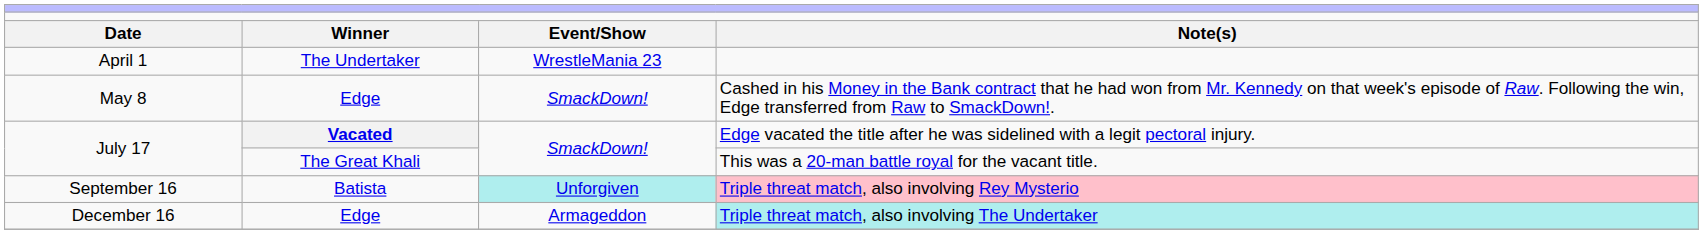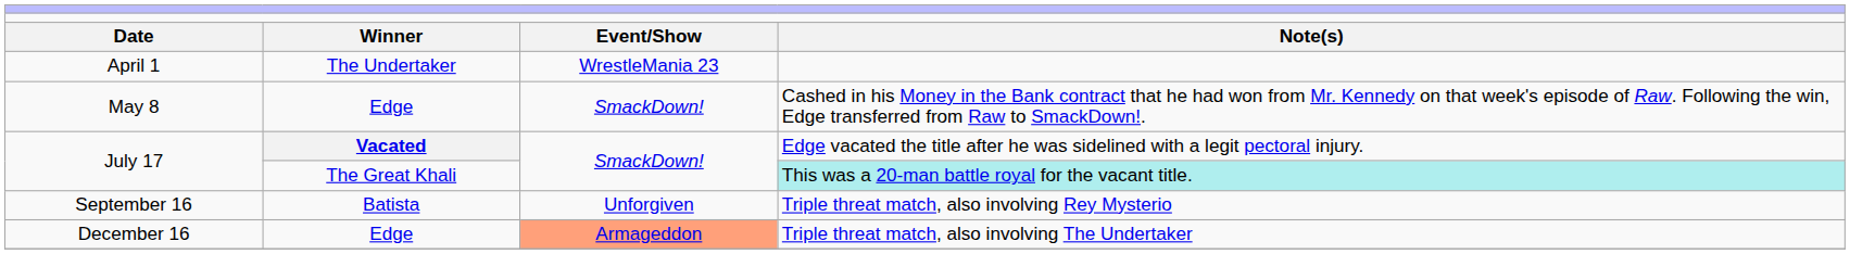 <table class="wikitable" style="text-align:center; width:100%;">
 <tr style="background:#BBF;">
 <td colspan="5"></td>
 </tr>
 <tr>
 <td colspan="5"><strong></strong></td>
 </tr>
 <tr>
 <th width=14%>Date</th>
 <th width=14%>Winner</th>
 <th width=14%>Event/Show</th>
 <th width=58%>Note(s)</th>
 </tr>
 <tr>
 <td>April 1</td>
 <td><a href='#'>The Undertaker</a></td>
 <td><a href='#'>WrestleMania 23</a></td>
 <td></td>
 </tr>
 <tr>
 <td>May 8<br></td>
 <td><a href='#'>Edge</a></td>
 <td><em><a href='#'>SmackDown!</a></em></td>
 <td align=left>Cashed in his <a href='#'>Money in the Bank contract</a> that he had won from <a href='#'>Mr. Kennedy</a> on that week's episode of <em><a href='#'>Raw</a></em>. Following the win, Edge transferred from <a href='#'>Raw</a> to <a href='#'>SmackDown!</a>.</td>
 </tr>
 <tr>
 <td rowspan=2>July 17<br></td>
 <th><a href='#'>Vacated</a></th>
 <td rowspan=2><em><a href='#'>SmackDown!</a></em></td>
 <td align=left><a href='#'>Edge</a> vacated the title after he was sidelined with a legit <a href='#'>pectoral</a> injury.</td>
 </tr>
 <tr>
 <td><a href='#'>The Great Khali</a></td>
-<td align=left>This was a <a href='#'>20-man battle royal</a> for the vacant title.</td>
+<td align=left style="background: paleturquoise;">This was a <a href='#'>20-man battle royal</a> for the vacant title.</td>
 </tr>
 <tr>
 <td>September 16</td>
 <td><a href='#'>Batista</a></td>
-<td style="background: paleturquoise;"><a href='#'>Unforgiven</a></td>
-<td align=left style="background: pink;"><a href='#'>Triple threat match</a>, also involving <a href='#'>Rey Mysterio</a></td>
+<td><a href='#'>Unforgiven</a></td>
+<td align=left><a href='#'>Triple threat match</a>, also involving <a href='#'>Rey Mysterio</a></td>
 </tr>
 <tr>
 <td>December 16</td>
 <td><a href='#'>Edge</a></td>
-<td><a href='#'>Armageddon</a></td>
-<td align=left style="background: paleturquoise;"><a href='#'>Triple threat match</a>, also involving <a href='#'>The Undertaker</a></td>
+<td style="background: lightsalmon;"><a href='#'>Armageddon</a></td>
+<td align=left><a href='#'>Triple threat match</a>, also involving <a href='#'>The Undertaker</a></td>
 </tr>
 <tr>
 </tr>
 </table>
